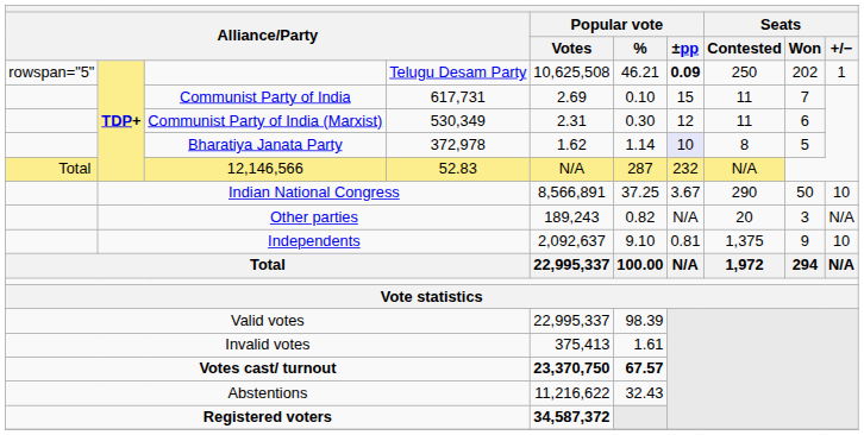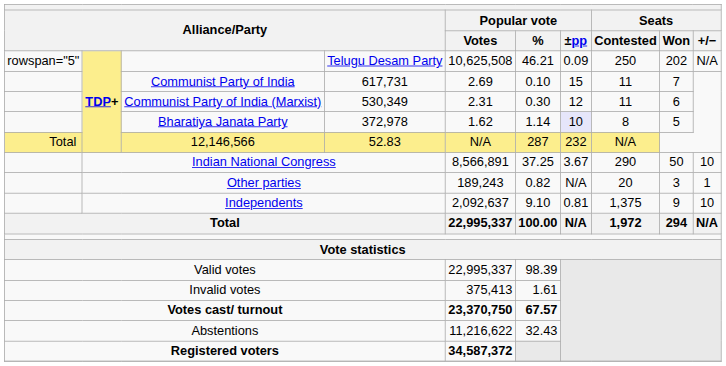 <table class="wikitable sortable" style="text-align:center;">
 <tr>
 <th colspan=10></th>
 </tr>
 <tr>
 <th colspan="4" rowspan="2">Alliance/Party</th>
 <th colspan="3">Popular vote</th>
 <th colspan="3">Seats</th>
 </tr>
 <tr>
 <th>Votes</th>
 <th>%</th>
 <th>±<a href='#'>pp</a></th>
 <th>Contested</th>
 <th>Won</th>
 <th><strong>+/−</strong></th>
 </tr>
 <tr>
 <td>rowspan="5" </td>
 <th rowspan="5" style="background:#FCEE8D"><a href='#'>TDP</a>+</th>
 <td></td>
 <td><a href='#'>Telugu Desam Party</a></td>
 <td>10,625,508</td>
 <td>46.21</td>
-<td><strong> 0.09</strong></td>
+<td> 0.09</td>
 <td>250</td>
 <td>202</td>
-<td> 1</td>
+<td>N/A</td>
 </tr>
 <tr>
 <td></td>
 <td><a href='#'>Communist Party of India</a></td>
 <td>617,731</td>
 <td>2.69</td>
 <td> 0.10</td>
 <td>15</td>
 <td>11</td>
 <td> 7</td>
 </tr>
 <tr>
 <td></td>
 <td><a href='#'>Communist Party of India (Marxist)</a></td>
 <td>530,349</td>
 <td>2.31</td>
 <td> 0.30</td>
 <td>12</td>
 <td>11</td>
 <td> 6</td>
 </tr>
 <tr>
 <td></td>
 <td><a href='#'>Bharatiya Janata Party</a></td>
 <td>372,978</td>
 <td>1.62</td>
 <td> 1.14</td>
 <td style="background: lavender;">10</td>
 <td>8</td>
 <td> 5</td>
 </tr>
 <tr>
 <td colspan="2" style="background:#FCEE8D">Total</td>
 <td style="background:#FCEE8D">12,146,566</td>
 <td style="background:#FCEE8D">52.83</td>
 <td style="background:#FCEE8D">N/A</td>
 <td style="background:#FCEE8D">287</td>
 <td style="background:#FCEE8D">232</td>
 <td style="background:#FCEE8D">N/A</td>
 </tr>
 <tr>
 <td></td>
 <td colspan=3><a href='#'>Indian National Congress</a></td>
 <td>8,566,891</td>
 <td>37.25</td>
 <td> 3.67</td>
 <td>290</td>
 <td>50</td>
 <td> 10</td>
 </tr>
 <tr>
 <td></td>
 <td colspan="3"><a href='#'>Other parties</a></td>
 <td>189,243</td>
 <td>0.82</td>
 <td>N/A</td>
 <td>20</td>
 <td>3</td>
-<td>N/A</td>
+<td> 1</td>
 </tr>
 <tr>
 <td></td>
 <td colspan="3"><a href='#'>Independents</a></td>
 <td>2,092,637</td>
 <td>9.10</td>
 <td> 0.81</td>
 <td>1,375</td>
 <td>9</td>
 <td> 10</td>
 </tr>
 <tr>
 <th colspan="4">Total</th>
 <th>22,995,337</th>
 <th>100.00</th>
 <th>N/A</th>
 <th>1,972</th>
 <th>294</th>
 <th>N/A</th>
 </tr>
 <tr>
 <td colspan="10"></td>
 </tr>
 <tr>
 <th colspan="10">Vote statistics</th>
 </tr>
 <tr>
 <td colspan="4">Valid votes</td>
 <td align="right">22,995,337</td>
 <td align="right">98.39</td>
 <th colspan="4" rowspan="5" style="background-color:#E9E9E9"></th>
 </tr>
 <tr>
 <td colspan="4">Invalid votes</td>
 <td align="right">375,413</td>
 <td align="right">1.61</td>
 </tr>
 <tr>
 <td colspan="4"><strong>Votes cast/ turnout</strong></td>
 <td align="right"><strong>23,370,750</strong></td>
 <td align="right"><strong>67.57</strong></td>
 </tr>
 <tr>
 <td colspan="4">Abstentions</td>
 <td align="right">11,216,622</td>
 <td align="right">32.43</td>
 </tr>
 <tr>
 <td colspan="4"><strong>Registered voters</strong></td>
 <td align="right"><strong>34,587,372</strong></td>
 <td style="background-color:#E9E9E9"></td>
 </tr>
 <tr>
 </tr>
 </table>
